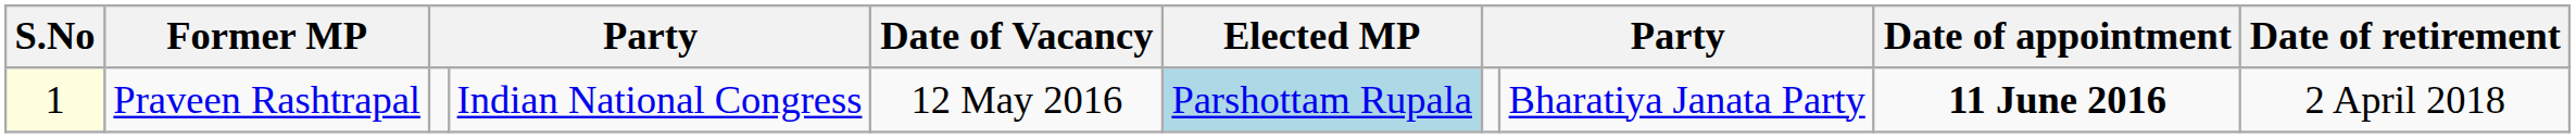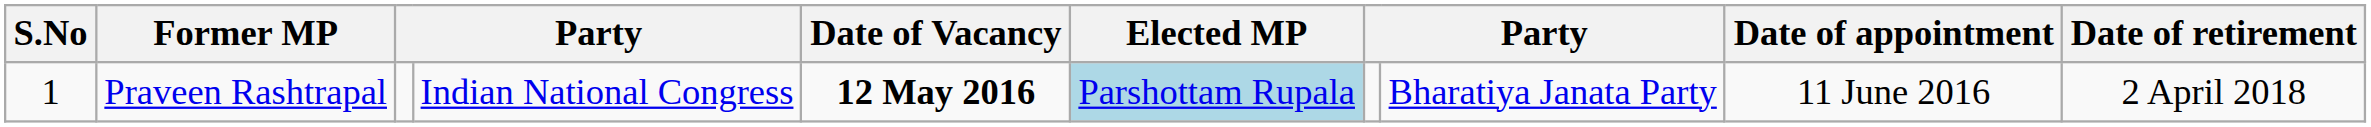 <table class="wikitable sortable">
 <tr>
 <th>S.No</th>
 <th>Former MP</th>
 <th colspan=2>Party</th>
 <th>Date of Vacancy</th>
 <th>Elected MP</th>
 <th colspan=2>Party</th>
 <th>Date of appointment</th>
 <th>Date of retirement</th>
 </tr>
 <tr style="text-align:center;">
-<td style="background: lightyellow;">1</td>
+<td>1</td>
 <td><a href='#'>Praveen Rashtrapal</a></td>
 <td></td>
 <td><a href='#'>Indian National Congress</a></td>
-<td>12 May 2016</td>
+<td><strong>12 May 2016</strong></td>
 <td style="background: lightblue;"><a href='#'>Parshottam Rupala</a></td>
 <td></td>
 <td><a href='#'>Bharatiya Janata Party</a></td>
-<td><strong>11 June 2016</strong></td>
+<td>11 June 2016</td>
 <td>2 April 2018</td>
 </tr>
 </table>
